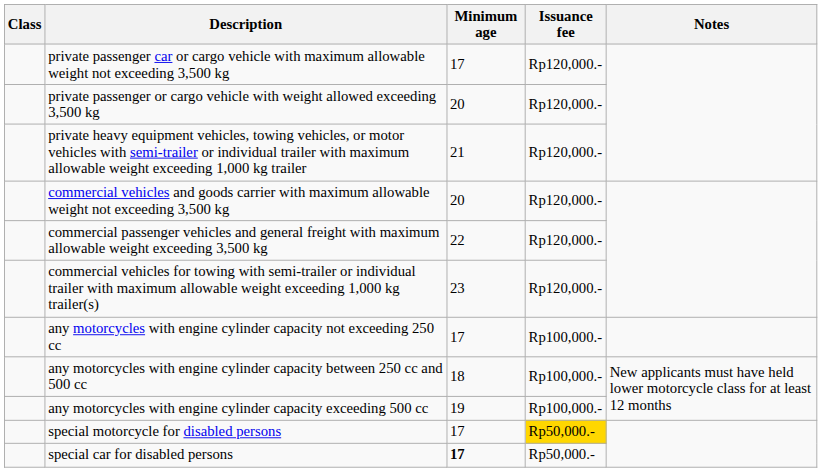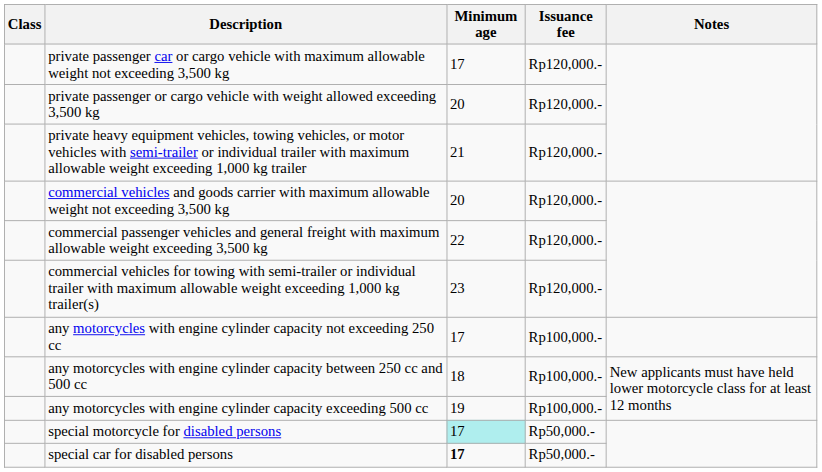 <table class="wikitable" style="font-size:100%;" width="100%">
 <tr>
 <th>Class</th>
 <th>Description</th>
 <th>Minimum age</th>
 <th>Issuance fee</th>
 <th>Notes</th>
 </tr>
 <tr>
 <td align=center></td>
 <td>private passenger <a href='#'>car</a> or cargo vehicle with maximum allowable weight not exceeding 3,500 kg</td>
 <td>17</td>
 <td>Rp120,000.-</td>
 </tr>
 <tr>
 <td align=center></td>
 <td>private passenger or cargo vehicle with weight allowed exceeding 3,500 kg</td>
 <td>20</td>
 <td>Rp120,000.-</td>
 </tr>
 <tr>
 <td align=center></td>
 <td>private heavy equipment vehicles, towing vehicles, or motor vehicles with <a href='#'>semi-trailer</a> or individual trailer with maximum allowable weight exceeding 1,000 kg trailer</td>
 <td>21</td>
 <td>Rp120,000.-</td>
 </tr>
 <tr>
 <td align=center></td>
 <td><a href='#'>commercial vehicles</a> and goods carrier with maximum allowable weight not exceeding 3,500 kg</td>
 <td>20</td>
 <td>Rp120,000.-</td>
 <td rowspan=3></td>
 </tr>
 <tr>
 <td align=center></td>
 <td>commercial passenger vehicles and general freight with maximum allowable weight exceeding 3,500 kg</td>
 <td>22</td>
 <td>Rp120,000.-</td>
 </tr>
 <tr>
 <td align=center></td>
 <td>commercial vehicles for towing with semi-trailer or individual trailer with maximum allowable weight exceeding 1,000 kg trailer(s)</td>
 <td>23</td>
 <td>Rp120,000.-</td>
 </tr>
 <tr>
 <td align=center></td>
 <td>any <a href='#'>motorcycles</a> with engine cylinder capacity not exceeding 250 cc</td>
 <td>17</td>
 <td>Rp100,000.-</td>
 </tr>
 <tr>
 <td align=center></td>
 <td>any motorcycles with engine cylinder capacity between 250 cc and 500 cc</td>
 <td>18</td>
 <td>Rp100,000.-</td>
 <td rowspan=2>New applicants must have held lower motorcycle class for at least 12 months</td>
 </tr>
 <tr>
 <td align=center></td>
 <td>any motorcycles with engine cylinder capacity exceeding 500 cc</td>
 <td>19</td>
 <td>Rp100,000.-</td>
 </tr>
 <tr>
 <td align=center></td>
 <td>special motorcycle for <a href='#'>disabled persons</a></td>
-<td>17</td>
-<td style="background: gold;">Rp50,000.-</td>
+<td style="background: paleturquoise;">17</td>
+<td>Rp50,000.-</td>
 </tr>
 <tr>
 <td align=center></td>
 <td>special car for disabled persons</td>
 <td><strong>17</strong></td>
 <td>Rp50,000.-</td>
 </tr>
 </table>
